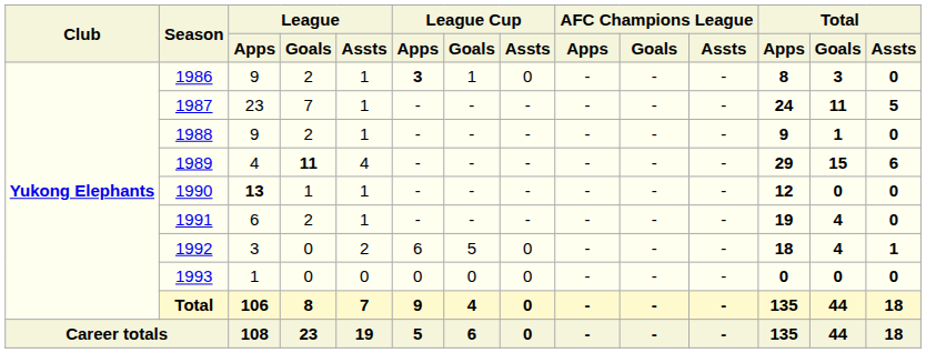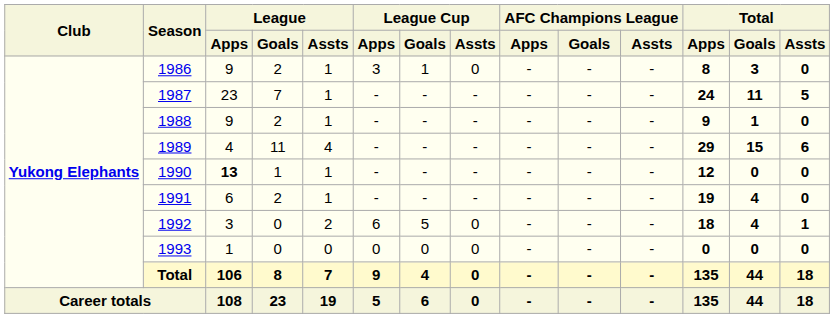 <table border=1 align=center cellpadding=4 cellspacing=2 style="background: ivory; font-size: 95%; border: 1px #aaaaaa solid; border-collapse: collapse; clear:center">
 <tr style="background:beige">
 <th rowspan="2">Club</th>
 <th rowspan="2">Season</th>
 <th colspan="3">League</th>
 <th colspan="3">League Cup</th>
 <th colspan="3">AFC Champions League</th>
 <th colspan="3">Total</th>
 </tr>
 <tr style="background:beige">
 <th>Apps</th>
 <th>Goals</th>
 <th>Assts</th>
 <th>Apps</th>
 <th>Goals</th>
 <th>Assts</th>
 <th>Apps</th>
 <th>Goals</th>
 <th>Assts</th>
 <th>Apps</th>
 <th>Goals</th>
 <th>Assts</th>
 </tr>
 <tr>
 <td rowspan="9" align=center valign=center><strong><a href='#'>Yukong Elephants</a></strong></td>
 <td align="center"><a href='#'>1986</a></td>
 <td align="center">9</td>
 <td align="center">2</td>
 <td align="center">1</td>
-<td align="center"><strong>3</strong></td>
+<td align="center">3</td>
 <td align="center">1</td>
 <td align="center">0</td>
 <td align="center">-</td>
 <td align="center">-</td>
 <td align="center">-</td>
 <th>8</th>
 <th>3</th>
 <th>0</th>
 </tr>
 <tr>
 <td align="center"><a href='#'>1987</a></td>
 <td align="center">23</td>
 <td align="center">7</td>
 <td align="center">1</td>
 <td align="center">-</td>
 <td align="center">-</td>
 <td align="center">-</td>
 <td align="center">-</td>
 <td align="center">-</td>
 <td align="center">-</td>
 <th>24</th>
 <th>11</th>
 <th>5</th>
 </tr>
 <tr>
 <td align="center"><a href='#'>1988</a></td>
 <td align="center">9</td>
 <td align="center">2</td>
 <td align="center">1</td>
 <td align="center">-</td>
 <td align="center">-</td>
 <td align="center">-</td>
 <td align="center">-</td>
 <td align="center">-</td>
 <td align="center">-</td>
 <th>9</th>
 <th>1</th>
 <th>0</th>
 </tr>
 <tr>
 <td align="center"><a href='#'>1989</a></td>
 <td align="center">4</td>
-<td align="center"><strong>11</strong></td>
+<td align="center">11</td>
 <td align="center">4</td>
 <td align="center">-</td>
 <td align="center">-</td>
 <td align="center">-</td>
 <td align="center">-</td>
 <td align="center">-</td>
 <td align="center">-</td>
 <th>29</th>
 <th>15</th>
 <th>6</th>
 </tr>
 <tr>
 <td align="center"><a href='#'>1990</a></td>
 <td align="center"><strong>13</strong></td>
 <td align="center">1</td>
 <td align="center">1</td>
 <td align="center">-</td>
 <td align="center">-</td>
 <td align="center">-</td>
 <td align="center">-</td>
 <td align="center">-</td>
 <td align="center">-</td>
 <th>12</th>
 <th>0</th>
 <th>0</th>
 </tr>
 <tr>
 <td align="center"><a href='#'>1991</a></td>
 <td align="center">6</td>
 <td align="center">2</td>
 <td align="center">1</td>
 <td align="center">-</td>
 <td align="center">-</td>
 <td align="center">-</td>
 <td align="center">-</td>
 <td align="center">-</td>
 <td align="center">-</td>
 <th>19</th>
 <th>4</th>
 <th>0</th>
 </tr>
 <tr>
 <td align="center"><a href='#'>1992</a></td>
 <td align="center">3</td>
 <td align="center">0</td>
 <td align="center">2</td>
 <td align="center">6</td>
 <td align="center">5</td>
 <td align="center">0</td>
 <td align="center">-</td>
 <td align="center">-</td>
 <td align="center">-</td>
 <th>18</th>
 <th>4</th>
 <th>1</th>
 </tr>
 <tr>
 <td align="center"><a href='#'>1993</a></td>
 <td align="center">1</td>
 <td align="center">0</td>
 <td align="center">0</td>
 <td align="center">0</td>
 <td align="center">0</td>
 <td align="center">0</td>
 <td align="center">-</td>
 <td align="center">-</td>
 <td align="center">-</td>
 <th>0</th>
 <th>0</th>
 <th>0</th>
 </tr>
 <tr style="background:lemonchiffon">
 <th>Total</th>
 <th>106</th>
 <th>8</th>
 <th>7</th>
 <th>9</th>
 <th>4</th>
 <th>0</th>
 <th>-</th>
 <th>-</th>
 <th>-</th>
 <th>135</th>
 <th>44</th>
 <th>18</th>
 </tr>
 <tr style="background:beige">
 <th colspan="2">Career totals</th>
 <th>108</th>
 <th>23</th>
 <th>19</th>
 <th>5</th>
 <th>6</th>
 <th>0</th>
 <th>-</th>
 <th>-</th>
 <th>-</th>
 <th>135</th>
 <th>44</th>
 <th>18</th>
 </tr>
 </table>
